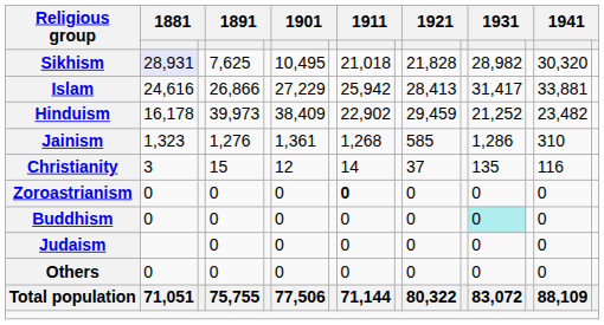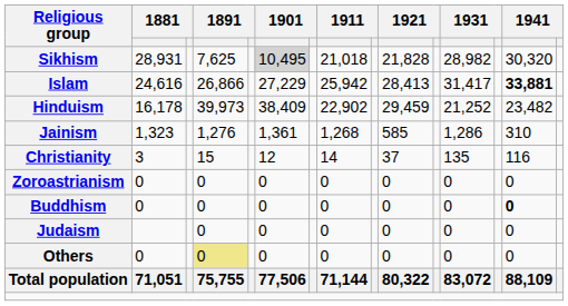 <table class="wikitable sortable">
 <tr>
 <th rowspan="2"><a href='#'>Religious</a><br>group</th>
 <th colspan="2">1881</th>
 <th colspan="2">1891</th>
 <th colspan="2">1901</th>
 <th colspan="2">1911</th>
 <th colspan="2">1921</th>
 <th colspan="2">1931</th>
 <th colspan="2">1941</th>
 </tr>
 <tr>
 <th><a href='#'></a></th>
 <th></th>
 <th></th>
 <th></th>
 <th></th>
 <th></th>
 <th></th>
 <th></th>
 <th></th>
 <th></th>
 <th></th>
 <th></th>
 <th></th>
 <th></th>
 </tr>
 <tr>
 <th><a href='#'>Sikhism</a> </th>
-<td style="background: lavender;">28,931</td>
+<td>28,931</td>
 <td></td>
 <td>7,625</td>
 <td></td>
-<td>10,495</td>
+<td style="background: lightgrey;">10,495</td>
 <td></td>
 <td>21,018</td>
 <td></td>
 <td>21,828</td>
 <td></td>
 <td>28,982</td>
 <td></td>
 <td>30,320</td>
 <td></td>
 </tr>
 <tr>
 <th><a href='#'>Islam</a> </th>
 <td>24,616</td>
 <td></td>
 <td>26,866</td>
 <td></td>
 <td>27,229</td>
 <td></td>
 <td>25,942</td>
 <td></td>
 <td>28,413</td>
 <td></td>
 <td>31,417</td>
 <td></td>
-<td>33,881</td>
+<td><strong>33,881</strong></td>
 <td></td>
 </tr>
 <tr>
 <th><a href='#'>Hinduism</a> </th>
 <td>16,178</td>
 <td></td>
 <td>39,973</td>
 <td></td>
 <td>38,409</td>
 <td></td>
 <td>22,902</td>
 <td></td>
 <td>29,459</td>
 <td></td>
 <td>21,252</td>
 <td></td>
 <td>23,482</td>
 <td></td>
 </tr>
 <tr>
 <th><a href='#'>Jainism</a> </th>
 <td>1,323</td>
 <td></td>
 <td>1,276</td>
 <td></td>
 <td>1,361</td>
 <td></td>
 <td>1,268</td>
 <td></td>
 <td>585</td>
 <td></td>
 <td>1,286</td>
 <td></td>
 <td>310</td>
 <td></td>
 </tr>
 <tr>
 <th><a href='#'>Christianity</a> </th>
 <td>3</td>
 <td></td>
 <td>15</td>
 <td></td>
 <td>12</td>
 <td></td>
 <td>14</td>
 <td></td>
 <td>37</td>
 <td></td>
 <td>135</td>
 <td></td>
 <td>116</td>
 <td></td>
 </tr>
 <tr>
 <th><a href='#'>Zoroastrianism</a> </th>
 <td>0</td>
 <td></td>
 <td>0</td>
 <td></td>
 <td>0</td>
 <td></td>
-<td><strong>0</strong></td>
+<td>0</td>
 <td></td>
 <td>0</td>
 <td></td>
 <td>0</td>
 <td></td>
 <td>0</td>
 <td></td>
 </tr>
 <tr>
 <th><a href='#'>Buddhism</a> </th>
 <td>0</td>
 <td></td>
 <td>0</td>
 <td></td>
 <td>0</td>
 <td></td>
 <td>0</td>
 <td></td>
 <td>0</td>
 <td></td>
-<td style="background: paleturquoise;">0</td>
+<td>0</td>
 <td></td>
-<td>0</td>
+<td><strong>0</strong></td>
 <td></td>
 </tr>
 <tr>
 <th><a href='#'>Judaism</a> </th>
 <td></td>
 <td></td>
 <td>0</td>
 <td></td>
 <td>0</td>
 <td></td>
 <td>0</td>
 <td></td>
 <td>0</td>
 <td></td>
 <td>0</td>
 <td></td>
 <td>0</td>
 <td></td>
 </tr>
 <tr>
 <th>Others</th>
 <td>0</td>
 <td></td>
-<td>0</td>
+<td style="background: khaki;">0</td>
 <td></td>
 <td>0</td>
 <td></td>
 <td>0</td>
 <td></td>
 <td>0</td>
 <td></td>
 <td>0</td>
 <td></td>
 <td>0</td>
 <td></td>
 </tr>
 <tr>
 <th>Total population</th>
 <th>71,051</th>
 <th></th>
 <th>75,755</th>
 <th></th>
 <th>77,506</th>
 <th></th>
 <th>71,144</th>
 <th></th>
 <th>80,322</th>
 <th></th>
 <th>83,072</th>
 <th></th>
 <th>88,109</th>
 <th></th>
 </tr>
 <tr class="sortbottom">
 <td colspan="15"></td>
 </tr>
 </table>
